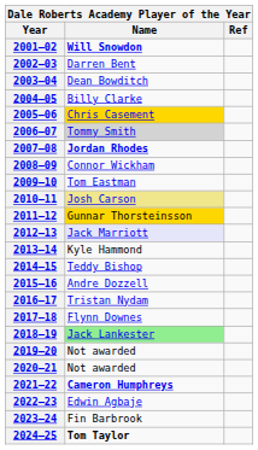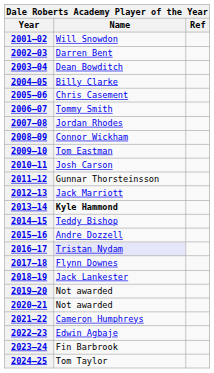 <table class="plainrowheaders wikitable">
 <tr>
 <th colspan="3">Dale Roberts Academy Player of the Year</th>
 </tr>
 <tr>
 <th>Year</th>
 <th>Name</th>
 <th>Ref</th>
 </tr>
 <tr>
 <th scope="row"><a href='#'>2001–02</a></th>
-<td><strong> <a href='#'>Will Snowdon</a></strong></td>
+<td> <a href='#'>Will Snowdon</a></td>
 <td></td>
 </tr>
 <tr>
 <th scope="row"><a href='#'>2002–03</a></th>
 <td> <a href='#'>Darren Bent</a></td>
 <td></td>
 </tr>
 <tr>
 <th scope="row"><a href='#'>2003–04</a></th>
 <td> <a href='#'>Dean Bowditch</a></td>
 <td></td>
 </tr>
 <tr>
 <th scope="row"><a href='#'>2004–05</a></th>
 <td> <a href='#'>Billy Clarke</a></td>
 <td></td>
 </tr>
 <tr>
 <th scope="row"><a href='#'>2005–06</a></th>
-<td style="background: gold;"> <a href='#'>Chris Casement</a></td>
+<td> <a href='#'>Chris Casement</a></td>
 <td></td>
 </tr>
 <tr>
 <th scope="row"><a href='#'>2006–07</a></th>
-<td style="background: lightgrey;"> <a href='#'>Tommy Smith</a></td>
+<td> <a href='#'>Tommy Smith</a></td>
 <td></td>
 </tr>
 <tr>
 <th scope="row"><a href='#'>2007–08</a></th>
-<td><strong> <a href='#'>Jordan Rhodes</a></strong></td>
+<td> <a href='#'>Jordan Rhodes</a></td>
 <td></td>
 </tr>
 <tr>
 <th scope="row"><a href='#'>2008–09</a></th>
 <td> <a href='#'>Connor Wickham</a></td>
 <td></td>
 </tr>
 <tr>
 <th scope="row"><a href='#'>2009–10</a></th>
 <td> <a href='#'>Tom Eastman</a></td>
 <td></td>
 </tr>
 <tr>
 <th scope="row"><a href='#'>2010–11</a></th>
-<td style="background: khaki;"> <a href='#'>Josh Carson</a></td>
+<td> <a href='#'>Josh Carson</a></td>
 <td></td>
 </tr>
 <tr>
 <th scope="row"><a href='#'>2011–12</a></th>
-<td style="background: gold;"> Gunnar Thorsteinsson</td>
+<td> Gunnar Thorsteinsson</td>
 <td></td>
 </tr>
 <tr>
 <th scope="row"><a href='#'>2012–13</a></th>
-<td style="background: lavender;"> <a href='#'>Jack Marriott</a></td>
+<td> <a href='#'>Jack Marriott</a></td>
 <td></td>
 </tr>
 <tr>
 <th scope="row"><a href='#'>2013–14</a></th>
-<td> Kyle Hammond</td>
+<td><strong> Kyle Hammond</strong></td>
 <td></td>
 </tr>
 <tr>
 <th scope="row"><a href='#'>2014–15</a></th>
 <td> <a href='#'>Teddy Bishop</a></td>
 <td></td>
 </tr>
 <tr>
 <th scope="row"><a href='#'>2015–16</a></th>
 <td> <a href='#'>Andre Dozzell</a></td>
 <td></td>
 </tr>
 <tr>
 <th scope="row"><a href='#'>2016–17</a></th>
-<td> <a href='#'>Tristan Nydam</a></td>
+<td style="background: lavender;"> <a href='#'>Tristan Nydam</a></td>
 <td></td>
 </tr>
 <tr>
 <th scope="row"><a href='#'>2017–18</a></th>
 <td> <a href='#'>Flynn Downes</a></td>
 <td></td>
 </tr>
 <tr>
 <th scope="row"><a href='#'>2018–19</a></th>
-<td style="background: lightgreen;"> <a href='#'>Jack Lankester</a></td>
+<td> <a href='#'>Jack Lankester</a></td>
 <td></td>
 </tr>
 <tr>
 <th scope="row"><a href='#'>2019–20</a></th>
 <td>Not awarded</td>
 <td></td>
 </tr>
 <tr>
 <th scope="row"><a href='#'>2020–21</a></th>
 <td>Not awarded</td>
 <td></td>
 </tr>
 <tr>
 <th scope="row"><a href='#'>2021–22</a></th>
-<td><strong> <a href='#'>Cameron Humphreys</a></strong></td>
+<td> <a href='#'>Cameron Humphreys</a></td>
 <td></td>
 </tr>
 <tr>
 <th scope="row"><a href='#'>2022–23</a></th>
 <td> <a href='#'>Edwin Agbaje</a></td>
 <td></td>
 </tr>
 <tr>
 <th scope="row"><a href='#'>2023–24</a></th>
 <td> Fin Barbrook</td>
 <td></td>
 </tr>
 <tr>
 <th scope="row"><a href='#'>2024–25</a></th>
-<td><strong> Tom Taylor</strong></td>
+<td> Tom Taylor</td>
 <td></td>
 </tr>
 </table>
